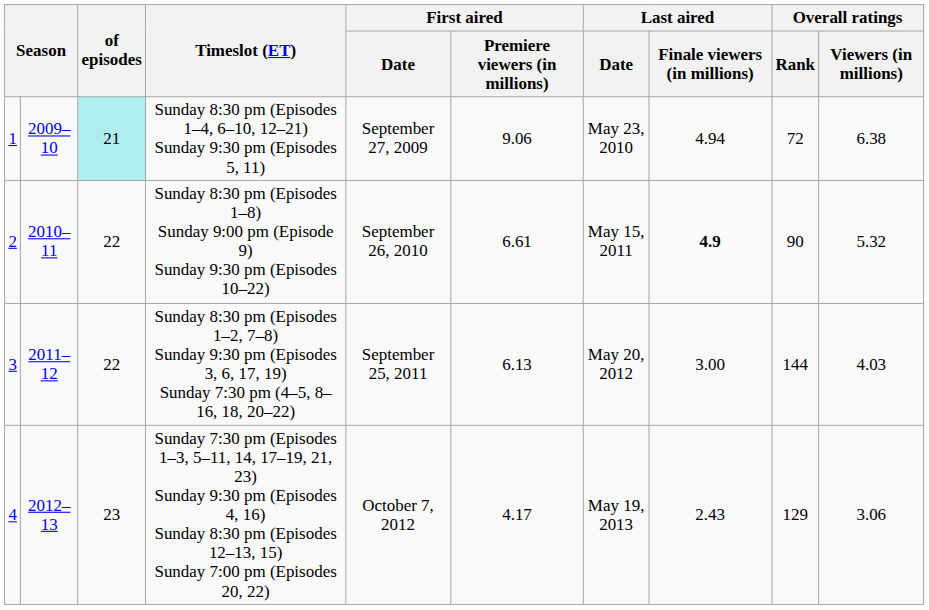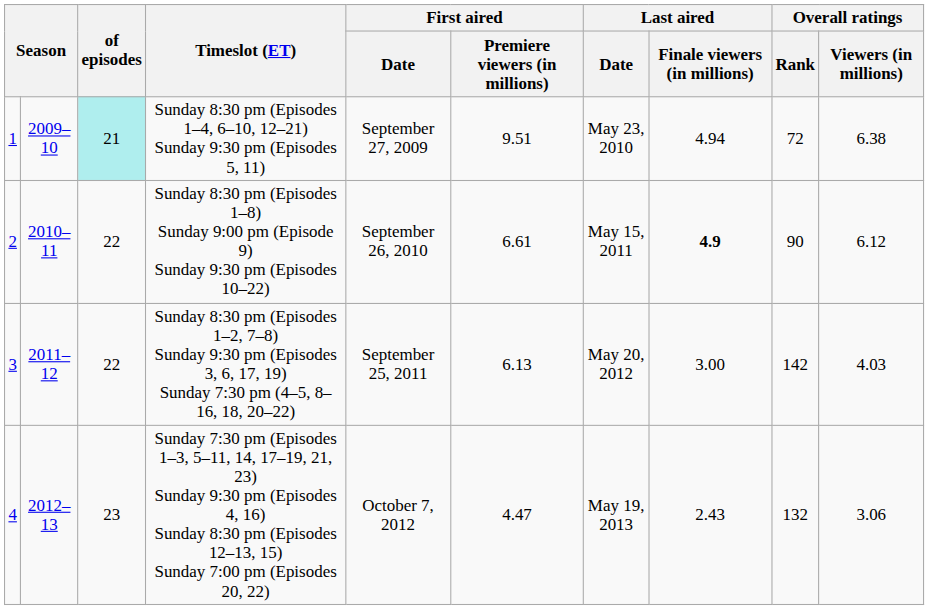 <table class="wikitable plainrowheaders" style="text-align:center;">
 <tr>
 <th colspan="2" rowspan="2" scope="col">Season</th>
 <th rowspan="2" scope="col"> of<br>episodes</th>
 <th rowspan="2" scope="col">Timeslot (<a href='#'>ET</a>)</th>
 <th colspan="2" scope="col">First aired</th>
 <th colspan="2" scope="col">Last aired</th>
 <th colspan="2" scope="col">Overall ratings</th>
 </tr>
 <tr>
 <th scope="col">Date</th>
 <th scope="col">Premiere viewers (in millions)</th>
 <th scope="col">Date</th>
 <th scope="col">Finale viewers (in millions)</th>
 <th scope="col">Rank</th>
 <th scope="col">Viewers (in millions)</th>
 </tr>
 <tr>
 <td scope="row"><a href='#'>1</a></td>
 <td><a href='#'>2009–10</a></td>
 <td style="background: paleturquoise;">21</td>
 <td>Sunday 8:30 pm (Episodes 1–4, 6–10, 12–21)<br>Sunday 9:30 pm (Episodes 5, 11)</td>
 <td>September 27, 2009</td>
-<td>9.06</td>
+<td>9.51</td>
 <td>May 23, 2010</td>
 <td>4.94</td>
 <td>72</td>
 <td>6.38</td>
 </tr>
 <tr>
 <td scope="row"><a href='#'>2</a></td>
 <td><a href='#'>2010–11</a></td>
 <td>22</td>
 <td>Sunday 8:30 pm (Episodes 1–8)<br>Sunday 9:00 pm (Episode 9)<br>Sunday 9:30 pm (Episodes 10–22)</td>
 <td>September 26, 2010</td>
 <td>6.61</td>
 <td>May 15, 2011</td>
 <td><strong>4.9</strong></td>
 <td>90</td>
-<td>5.32</td>
+<td>6.12</td>
 </tr>
 <tr>
 <td scope="row"><a href='#'>3</a></td>
 <td><a href='#'>2011–12</a></td>
 <td>22</td>
 <td>Sunday 8:30 pm (Episodes 1–2, 7–8)<br>Sunday 9:30 pm (Episodes 3, 6, 17, 19)<br>Sunday 7:30 pm (4–5, 8–16, 18, 20–22)</td>
 <td>September 25, 2011</td>
 <td>6.13</td>
 <td>May 20, 2012</td>
 <td>3.00</td>
-<td>144</td>
+<td>142</td>
 <td>4.03</td>
 </tr>
 <tr>
 <td scope="row"><a href='#'>4</a></td>
 <td><a href='#'>2012–13</a></td>
 <td>23</td>
 <td>Sunday 7:30 pm (Episodes 1–3, 5–11, 14, 17–19, 21, 23)<br>Sunday 9:30 pm (Episodes 4, 16)<br>Sunday 8:30 pm (Episodes 12–13, 15)<br>Sunday 7:00 pm (Episodes 20, 22)</td>
 <td>October 7, 2012</td>
-<td>4.17</td>
+<td>4.47</td>
 <td>May 19, 2013</td>
 <td>2.43</td>
-<td>129</td>
+<td>132</td>
 <td>3.06</td>
 </tr>
 </table>
